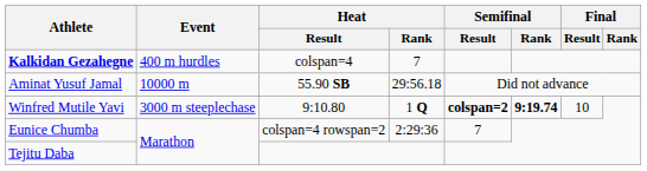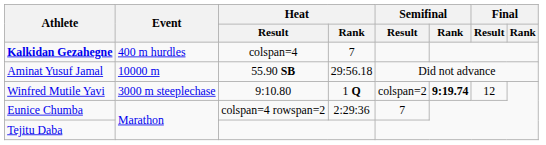 <table class="wikitable" style="font-size:90%">
 <tr>
 <th rowspan="2">Athlete</th>
 <th rowspan="2">Event</th>
 <th colspan="2">Heat</th>
 <th colspan="2">Semifinal</th>
 <th colspan="2">Final</th>
 </tr>
 <tr style="font-size:95%">
 <th>Result</th>
 <th>Rank</th>
 <th>Result</th>
 <th>Rank</th>
 <th>Result</th>
 <th>Rank</th>
 </tr>
 <tr align=center>
 <td align=left><strong><a href='#'>Kalkidan Gezahegne</a></strong></td>
 <td align=left><a href='#'>400 m hurdles</a></td>
 <td>colspan=4 </td>
 <td>7</td>
 <td></td>
 </tr>
 <tr align=center>
 <td align=left><a href='#'>Aminat Yusuf Jamal</a></td>
 <td align=left><a href='#'>10000 m</a></td>
 <td>55.90 <strong>SB</strong></td>
 <td>29:56.18</td>
 <td colspan="4">Did not advance</td>
 </tr>
 <tr align=center>
 <td align=left><a href='#'>Winfred Mutile Yavi</a></td>
 <td align=left><a href='#'>3000 m steeplechase</a></td>
 <td>9:10.80</td>
 <td>1 <strong>Q</strong></td>
-<td><strong>colspan=2 </strong></td>
+<td>colspan=2 </td>
 <td><strong>9:19.74</strong></td>
-<td>10</td>
+<td>12</td>
 </tr>
 <tr align=center>
 <td align=left><a href='#'>Eunice Chumba</a></td>
 <td align=left rowspan=2><a href='#'>Marathon</a></td>
 <td>colspan=4 rowspan=2 </td>
 <td>2:29:36</td>
 <td>7</td>
 </tr>
 <tr align=center>
 <td align=left><a href='#'>Tejitu Daba</a></td>
 <td colspan=2></td>
 </tr>
 </table>
